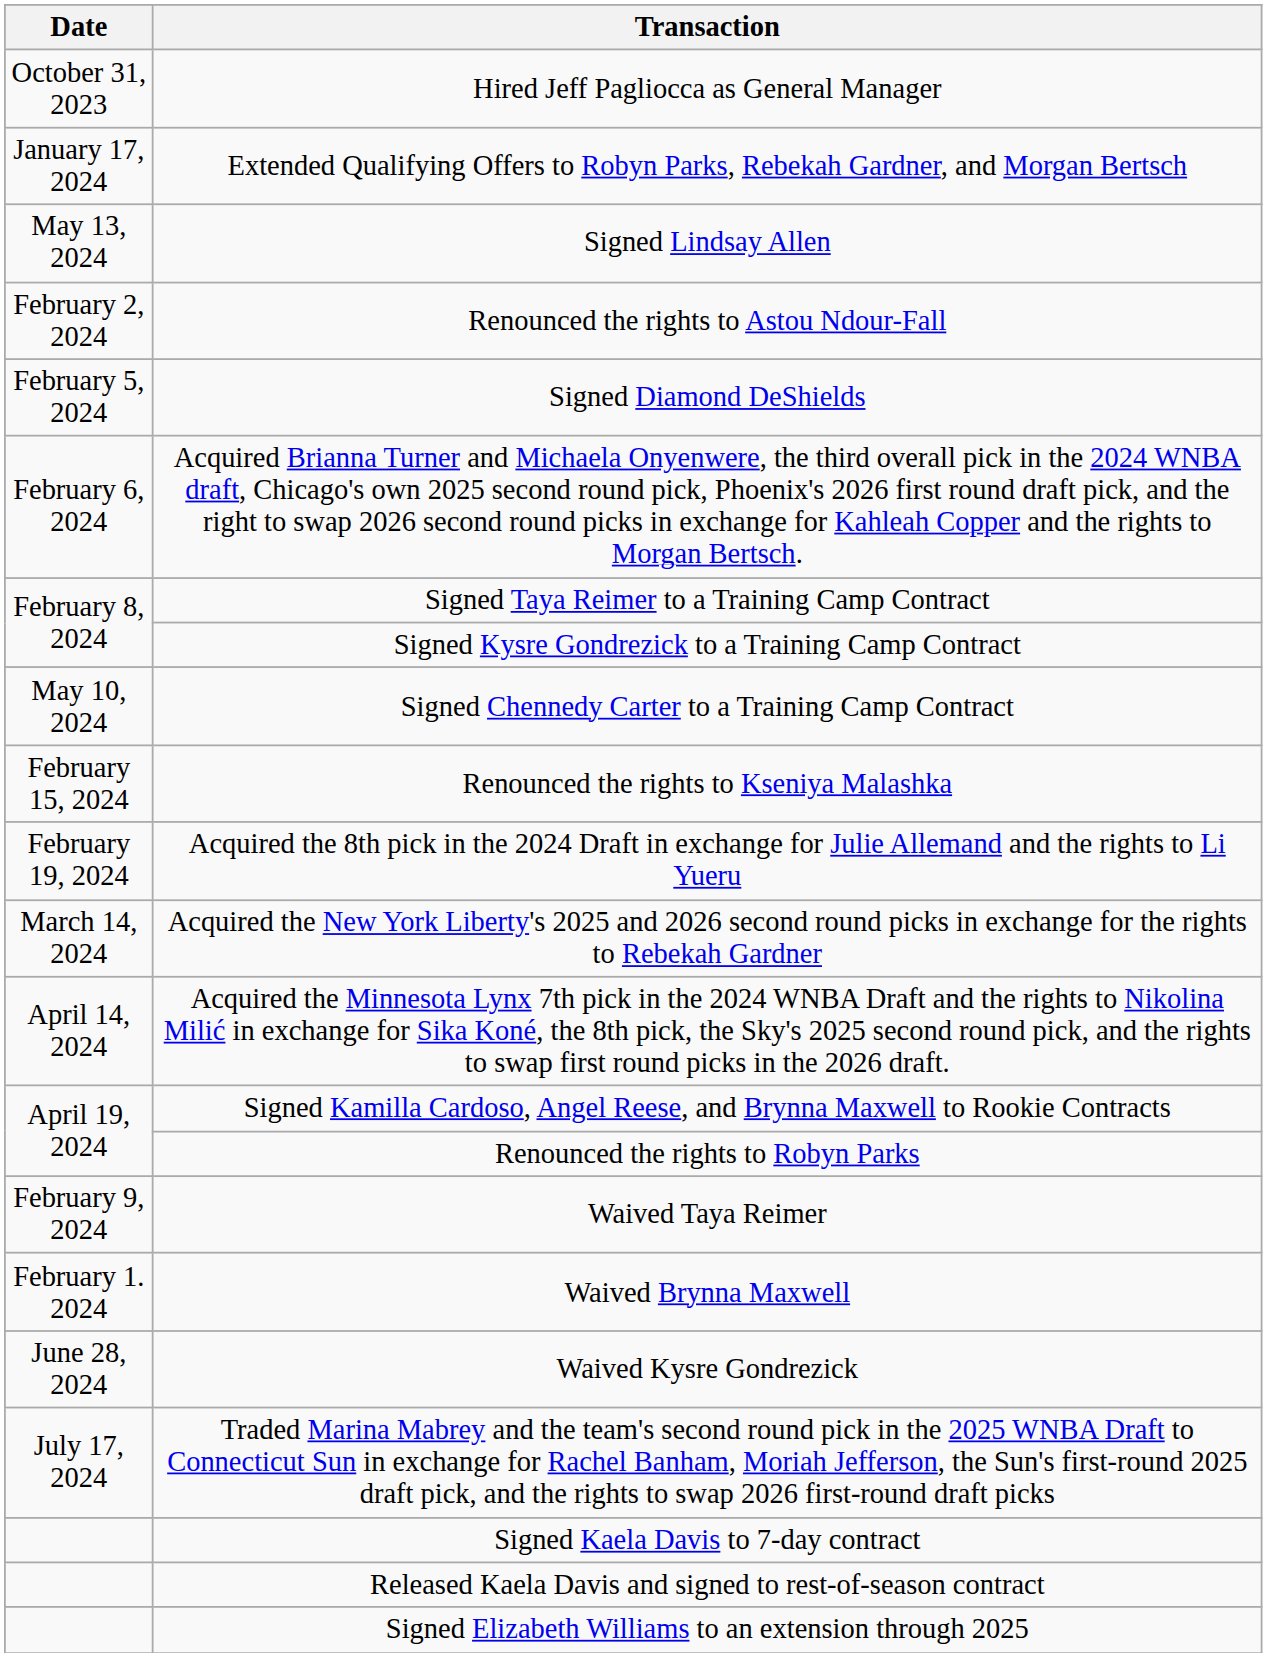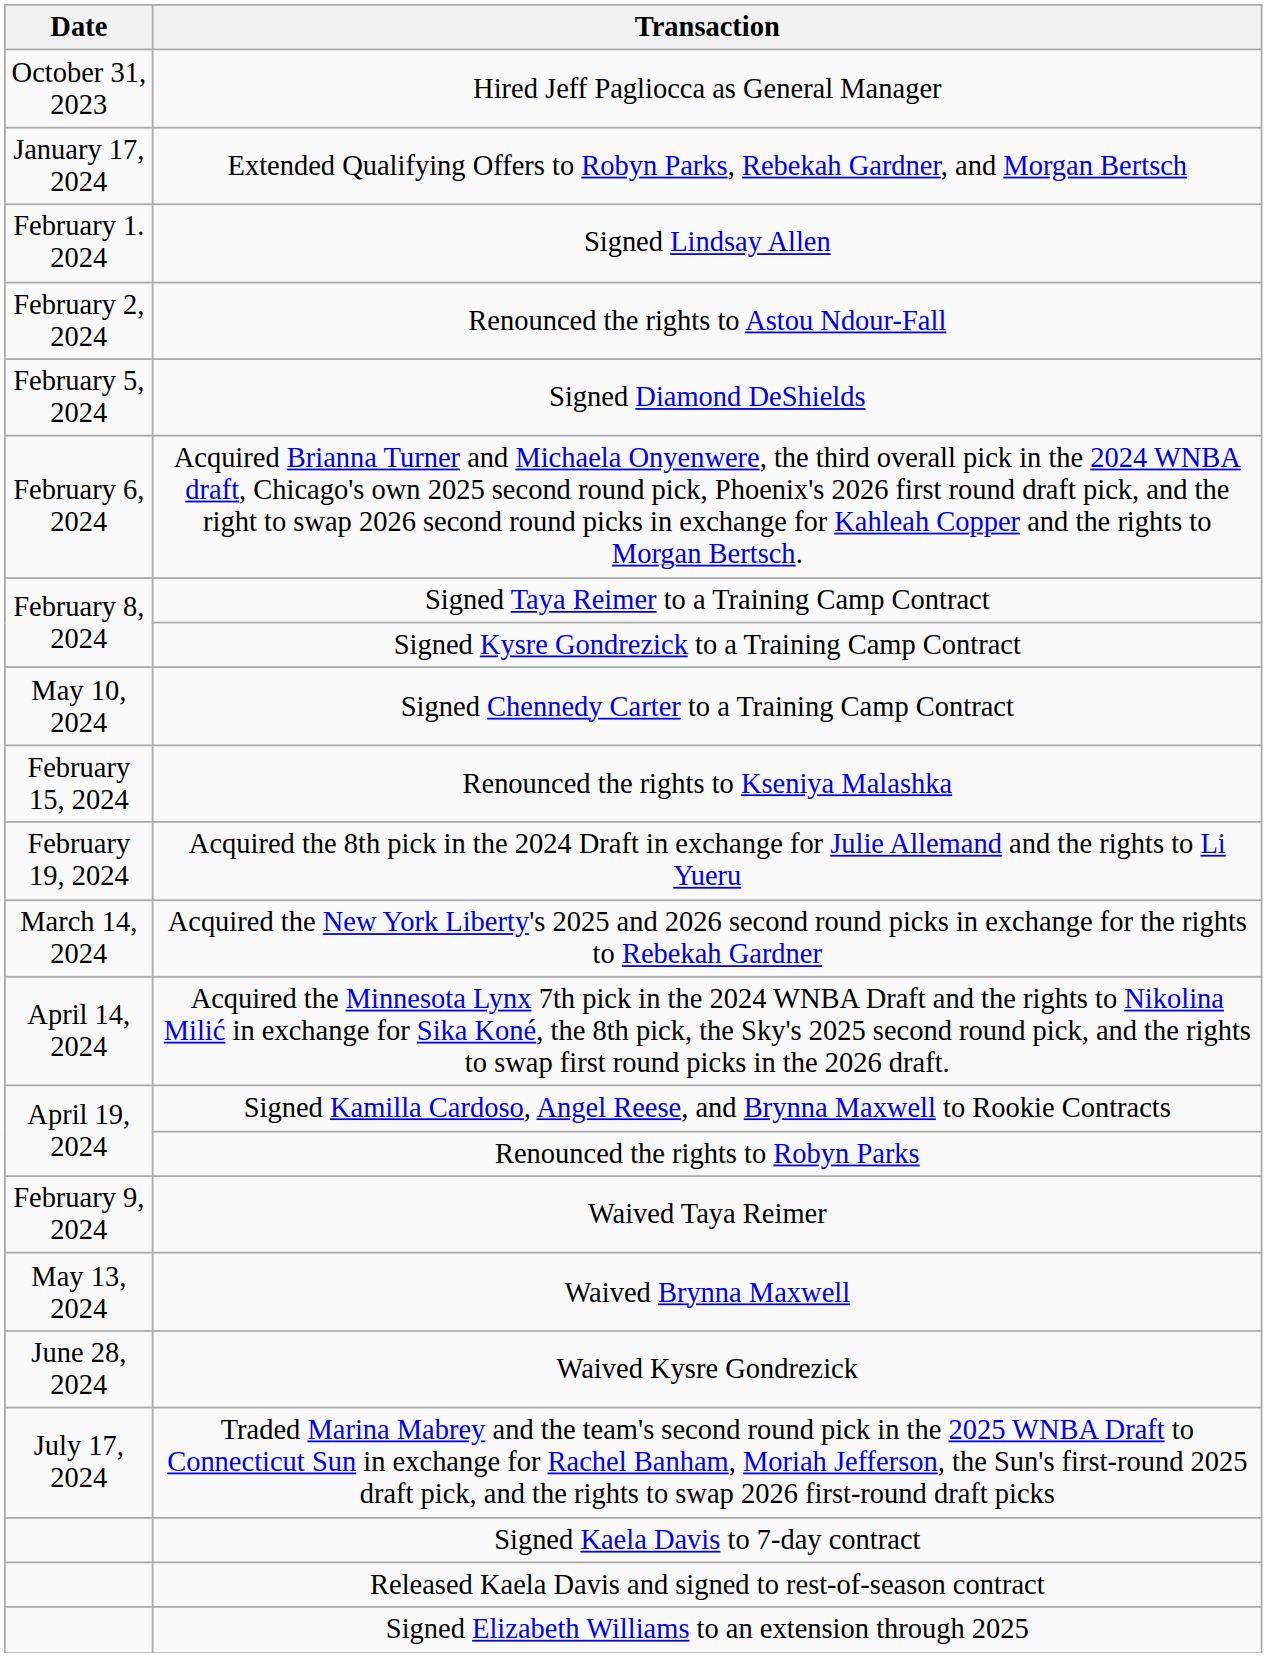 <table class="wikitable" style="width:80%; text-align:center;">
 <tr>
 <th>Date</th>
 <th>Transaction</th>
 </tr>
 <tr>
 <td>October 31, 2023</td>
 <td>Hired Jeff Pagliocca as General Manager</td>
 </tr>
 <tr>
 <td>January 17, 2024</td>
 <td>Extended Qualifying Offers to <a href='#'>Robyn Parks</a>, <a href='#'>Rebekah Gardner</a>, and <a href='#'>Morgan Bertsch</a></td>
 </tr>
 <tr>
-<td>May 13, 2024</td>
+<td>February 1. 2024</td>
 <td>Signed <a href='#'>Lindsay Allen</a></td>
 </tr>
 <tr>
 <td>February 2, 2024</td>
 <td>Renounced the rights to <a href='#'>Astou Ndour-Fall</a></td>
 </tr>
 <tr>
 <td>February 5, 2024</td>
 <td>Signed <a href='#'>Diamond DeShields</a></td>
 </tr>
 <tr>
 <td>February 6, 2024</td>
 <td>Acquired <a href='#'>Brianna Turner</a> and <a href='#'>Michaela Onyenwere</a>, the third overall pick in the <a href='#'>2024 WNBA draft</a>, Chicago's own 2025 second round pick, Phoenix's 2026 first round draft pick, and the right to swap 2026 second round picks in exchange for <a href='#'>Kahleah Copper</a> and the rights to <a href='#'>Morgan Bertsch</a>.</td>
 </tr>
 <tr>
 <td rowspan=2>February 8, 2024</td>
 <td>Signed <a href='#'>Taya Reimer</a> to a Training Camp Contract</td>
 </tr>
 <tr>
 <td>Signed <a href='#'>Kysre Gondrezick</a> to a Training Camp Contract</td>
 </tr>
 <tr>
 <td>May 10, 2024</td>
 <td>Signed <a href='#'>Chennedy Carter</a> to a Training Camp Contract</td>
 </tr>
 <tr>
 <td>February 15, 2024</td>
 <td>Renounced the rights to <a href='#'>Kseniya Malashka</a></td>
 </tr>
 <tr>
 <td>February 19, 2024</td>
 <td>Acquired the 8th pick in the 2024 Draft in exchange for <a href='#'>Julie Allemand</a> and the rights to <a href='#'>Li Yueru</a></td>
 </tr>
 <tr>
 <td>March 14, 2024</td>
 <td>Acquired the <a href='#'>New York Liberty</a>'s 2025 and 2026 second round picks in exchange for the rights to <a href='#'>Rebekah Gardner</a></td>
 </tr>
 <tr>
 <td>April 14, 2024</td>
 <td>Acquired the <a href='#'>Minnesota Lynx</a> 7th pick in the 2024 WNBA Draft and the rights to <a href='#'>Nikolina Milić</a> in exchange for <a href='#'>Sika Koné</a>, the 8th pick,  the Sky's 2025 second round pick, and the rights to swap first round picks in the 2026 draft.</td>
 </tr>
 <tr>
 <td rowspan=2>April 19, 2024</td>
 <td>Signed <a href='#'>Kamilla Cardoso</a>, <a href='#'>Angel Reese</a>, and <a href='#'>Brynna Maxwell</a> to Rookie Contracts</td>
 </tr>
 <tr>
 <td>Renounced the rights to <a href='#'>Robyn Parks</a></td>
 </tr>
 <tr>
 <td>February 9, 2024</td>
 <td>Waived Taya Reimer</td>
 </tr>
 <tr>
-<td>February 1. 2024</td>
+<td>May 13, 2024</td>
 <td>Waived <a href='#'>Brynna Maxwell</a></td>
 </tr>
 <tr>
 <td>June 28, 2024</td>
 <td>Waived Kysre Gondrezick</td>
 </tr>
 <tr>
 <td>July 17, 2024</td>
 <td>Traded <a href='#'>Marina Mabrey</a> and the team's second round pick in the <a href='#'>2025 WNBA Draft</a> to <a href='#'>Connecticut Sun</a> in exchange for <a href='#'>Rachel Banham</a>, <a href='#'>Moriah Jefferson</a>, the Sun's first-round 2025 draft pick, and the rights to swap 2026 first-round draft picks</td>
 </tr>
 <tr>
 <td></td>
 <td>Signed <a href='#'>Kaela Davis</a> to 7-day contract</td>
 </tr>
 <tr>
 <td></td>
 <td>Released Kaela Davis and signed to rest-of-season contract</td>
 </tr>
 <tr>
 <td></td>
 <td>Signed <a href='#'>Elizabeth Williams</a> to an extension through 2025</td>
 </tr>
 </table>
